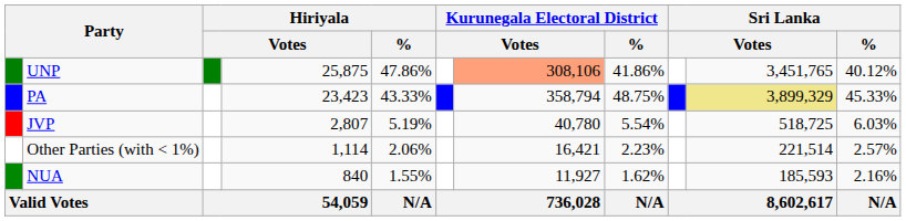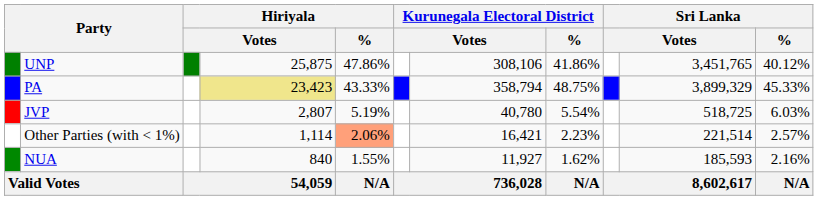 <table class="wikitable">
 <tr>
 <th colspan="2" width="144px"rowspan="2">Party</th>
 <th colspan="3" width="216px">Hiriyala</th>
 <th colspan="3" width="216px"><a href='#'>Kurunegala Electoral District</a></th>
 <th colspan="3" width="216px">Sri Lanka</th>
 </tr>
 <tr>
 <th colspan="2" width="144px">Votes</th>
 <th>%</th>
 <th colspan="2" width="144px">Votes</th>
 <th>%</th>
 <th colspan="2" width="144px">Votes</th>
 <th>%</th>
 </tr>
 <tr>
 <td style="background-color:green;" width="10px"></td>
 <td style="text-align:left;"><a href='#'>UNP</a></td>
 <td style="background-color:green;" width="10px"></td>
 <td style="text-align:right;">25,875</td>
 <td style="text-align:right;">47.86%</td>
 <td style="background-color:white;" width="10px"></td>
-<td style="background: lightsalmon; text-align:right;">308,106</td>
+<td style="text-align:right;">308,106</td>
 <td style="text-align:right;">41.86%</td>
 <td style="background-color:white;" width="10px"></td>
 <td style="text-align:right;">3,451,765</td>
 <td style="text-align:right;">40.12%</td>
 </tr>
 <tr>
 <td style="background-color:blue;" width="10px"></td>
 <td style="text-align:left;"><a href='#'>PA</a></td>
 <td style="background-color:white;" width="10px"></td>
-<td style="text-align:right;">23,423</td>
+<td style="background: khaki; text-align:right;">23,423</td>
 <td style="text-align:right;">43.33%</td>
 <td style="background-color:blue;" width="10px"></td>
 <td style="text-align:right;">358,794</td>
 <td style="text-align:right;">48.75%</td>
 <td style="background-color:blue;" width="10px"></td>
-<td style="background: khaki; text-align:right;">3,899,329</td>
+<td style="text-align:right;">3,899,329</td>
 <td style="text-align:right;">45.33%</td>
 </tr>
 <tr>
 <td style="background-color:red;" width="10px"></td>
 <td style="text-align:left;"><a href='#'>JVP</a></td>
 <td style="background-color:white;" width="10px"></td>
 <td style="text-align:right;">2,807</td>
 <td style="text-align:right;">5.19%</td>
 <td style="background-color:white;" width="10px"></td>
 <td style="text-align:right;">40,780</td>
 <td style="text-align:right;">5.54%</td>
 <td style="background-color:white;" width="10px"></td>
 <td style="text-align:right;">518,725</td>
 <td style="text-align:right;">6.03%</td>
 </tr>
 <tr>
 <td style="background-color:white;" width="10px"></td>
 <td style="text-align:left;">Other Parties (with < 1%)</td>
 <td style="background-color:white;" width="10px"></td>
 <td style="text-align:right;">1,114</td>
-<td style="text-align:right;">2.06%</td>
+<td style="background: lightsalmon; text-align:right;">2.06%</td>
 <td style="background-color:white;" width="10px"></td>
 <td style="text-align:right;">16,421</td>
 <td style="text-align:right;">2.23%</td>
 <td style="background-color:white;" width="10px"></td>
 <td style="text-align:right;">221,514</td>
 <td style="text-align:right;">2.57%</td>
 </tr>
 <tr>
 <td style="background-color:#008800;" width="10px"></td>
 <td style="text-align:left;"><a href='#'>NUA</a></td>
 <td style="background-color:white;" width="10px"></td>
 <td style="text-align:right;">840</td>
 <td style="text-align:right;">1.55%</td>
 <td style="background-color:white;" width="10px"></td>
 <td style="text-align:right;">11,927</td>
 <td style="text-align:right;">1.62%</td>
 <td style="background-color:white;" width="10px"></td>
 <td style="text-align:right;">185,593</td>
 <td style="text-align:right;">2.16%</td>
 </tr>
 <tr>
 <th colspan="2" width="144px"style="text-align:left;">Valid Votes</th>
 <th style="text-align:right;"colspan="2" width="144px">54,059</th>
 <th style="text-align:right;">N/A</th>
 <th style="text-align:right;"colspan="2" width="144px">736,028</th>
 <th style="text-align:right;">N/A</th>
 <th style="text-align:right;"colspan="2" width="144px">8,602,617</th>
 <th style="text-align:right;">N/A</th>
 </tr>
 </table>
